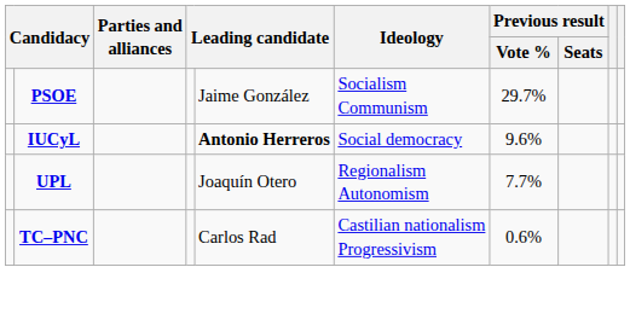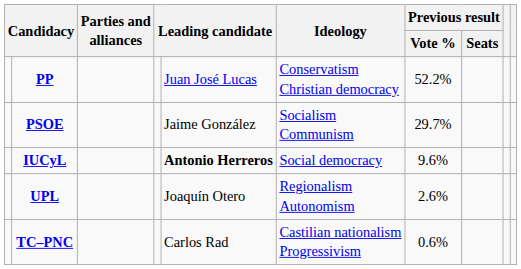 <table class="wikitable" style="line-height:1.35em; text-align:left;">
 <tr>
 <th colspan="2" rowspan="2">Candidacy</th>
 <th rowspan="2">Parties and<br>alliances</th>
 <th colspan="2" rowspan="2">Leading candidate</th>
 <th rowspan="2">Ideology</th>
 <th colspan="2">Previous result</th>
 <th rowspan="2"></th>
 <th rowspan="2"></th>
 </tr>
 <tr>
 <th>Vote %</th>
 <th>Seats</th>
+</tr>
+<tr>
+<td width="1" style="color:inherit;background:"></td>
+<td align="center"><strong><a href='#'>PP</a></strong></td>
+<td></td>
+<td></td>
+<td><a href='#'>Juan José Lucas</a></td>
+<td><a href='#'>Conservatism</a><br><a href='#'>Christian democracy</a></td>
+<td align="center">52.2%</td>
+<td></td>
+<td></td>
+<td></td>
 </tr>
 <tr>
 <td style="color:inherit;background:"></td>
 <td align="center"><strong><a href='#'>PSOE</a></strong></td>
 <td></td>
 <td></td>
 <td>Jaime González</td>
 <td><a href='#'>Socialism</a><br><a href='#'>Communism</a></td>
 <td align="center">29.7%</td>
 <td></td>
 <td></td>
 <td></td>
 </tr>
 <tr>
 <td style="color:inherit;background:"></td>
 <td align="center"><strong><a href='#'>IUCyL</a></strong></td>
 <td></td>
 <td></td>
 <td><strong>Antonio Herreros</strong></td>
 <td><a href='#'>Social democracy</a></td>
 <td align="center">9.6%</td>
 <td></td>
 <td></td>
 <td></td>
 </tr>
 <tr>
 <td style="color:inherit;background:"></td>
 <td align="center"><strong><a href='#'>UPL</a></strong></td>
 <td></td>
 <td></td>
 <td>Joaquín Otero</td>
 <td><a href='#'>Regionalism</a><br><a href='#'>Autonomism</a></td>
-<td align="center">7.7%</td>
+<td align="center">2.6%</td>
 <td></td>
 <td></td>
 <td></td>
 </tr>
 <tr>
 <td style="color:inherit;background:"></td>
 <td align="center"><strong><a href='#'>TC–PNC</a></strong></td>
 <td></td>
 <td></td>
 <td>Carlos Rad</td>
 <td><a href='#'>Castilian nationalism</a><br><a href='#'>Progressivism</a></td>
 <td align="center">0.6%</td>
 <td></td>
 <td></td>
 <td></td>
 </tr>
 </table>
